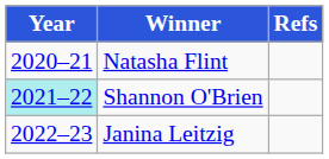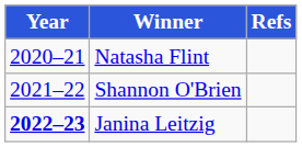 <table class="wikitable">
 <tr>
 <th style="color:white; background:#2B55DB;">Year</th>
 <th style="color:white; background:#2B55DB;">Winner</th>
 <th style="color:white; background:#2B55DB;">Refs</th>
 </tr>
 <tr>
 <td><a href='#'>2020–21</a></td>
 <td> <a href='#'>Natasha Flint</a></td>
 </tr>
 <tr>
-<td style="background: paleturquoise;"><a href='#'>2021–22</a></td>
+<td><a href='#'>2021–22</a></td>
 <td> <a href='#'>Shannon O'Brien</a></td>
 <td></td>
 </tr>
 <tr>
-<td><a href='#'>2022–23</a></td>
+<td><strong><a href='#'>2022–23</a></strong></td>
 <td> <a href='#'>Janina Leitzig</a></td>
 <td></td>
 </tr>
 </table>
